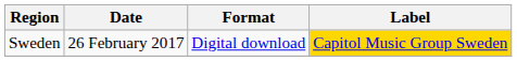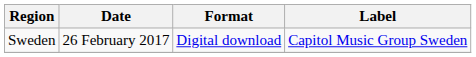 <table class=wikitable>
 <tr>
 <th>Region</th>
 <th>Date</th>
 <th>Format</th>
 <th>Label</th>
 </tr>
 <tr>
 <td>Sweden</td>
 <td>26 February 2017</td>
 <td><a href='#'>Digital download</a></td>
-<td style="background: gold;"><a href='#'>Capitol Music Group Sweden</a></td>
+<td><a href='#'>Capitol Music Group Sweden</a></td>
 </tr>
 <tr>
 </tr>
 </table>
